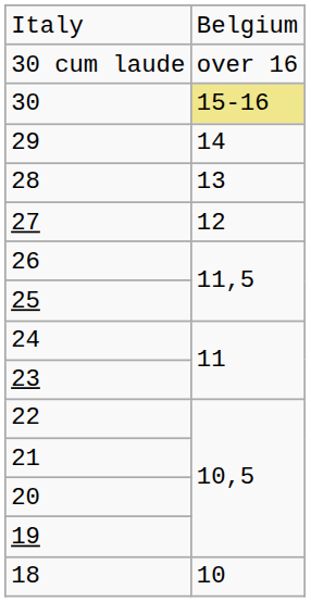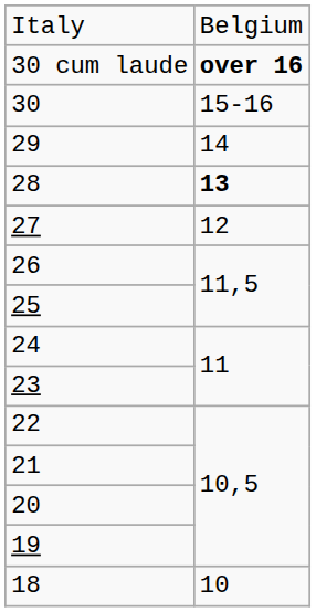 <table class="wikitable">
 <tr>
 <td>Italy</td>
 <td>Belgium</td>
 </tr>
 <tr>
 <td>30 cum laude</td>
-<td>over 16</td>
+<td><strong>over 16</strong></td>
 </tr>
 <tr>
 <td>30</td>
-<td style="background: khaki;">15-16</td>
+<td>15-16</td>
 </tr>
 <tr>
 <td>29</td>
 <td>14</td>
 </tr>
 <tr>
 <td>28</td>
-<td>13</td>
+<td><strong>13</strong></td>
 </tr>
 <tr>
 <td><u>27</u></td>
 <td>12</td>
 </tr>
 <tr>
 <td>26</td>
 <td rowspan="2">11,5</td>
 </tr>
 <tr>
 <td><u>25</u></td>
 </tr>
 <tr>
 <td>24</td>
 <td rowspan="2">11</td>
 </tr>
 <tr>
 <td><u>23</u></td>
 </tr>
 <tr>
 <td>22</td>
 <td rowspan="4">10,5</td>
 </tr>
 <tr>
 <td>21</td>
 </tr>
 <tr>
 <td>20</td>
 </tr>
 <tr>
 <td><u>19</u></td>
 </tr>
 <tr>
 <td>18</td>
 <td>10</td>
 </tr>
 </table>
